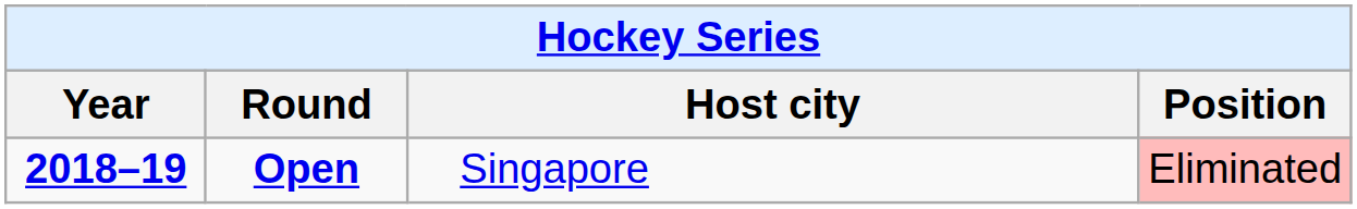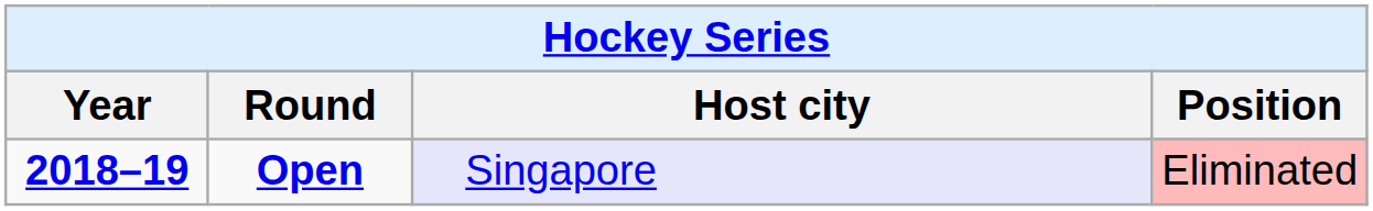 <table class="wikitable" style="text-align: center;">
 <tr>
 <th colspan=4 style="background-color: #ddeeff;"><a href='#'>Hockey Series</a></th>
 </tr>
 <tr>
 <th style="width: 70px;">Year</th>
 <th style="width: 70px;">Round</th>
 <th style="width: 275px;">Host city</th>
 <th style="width: 70px;">Position</th>
 </tr>
 <tr>
 <td rowspan=2><strong><a href='#'>2018–19</a></strong></td>
 <td><strong><a href='#'>Open</a></strong></td>
-<td style="text-align: left; padding-left: 20px;"> <a href='#'>Singapore</a></td>
+<td style="background: lavender; text-align: left; padding-left: 20px;"> <a href='#'>Singapore</a></td>
 <td style="background-color: #ffbbbb;">Eliminated</td>
 </tr>
 </table>
